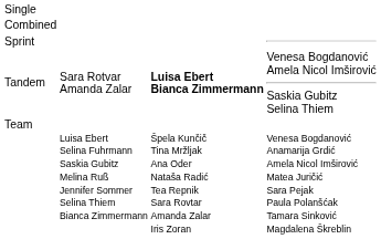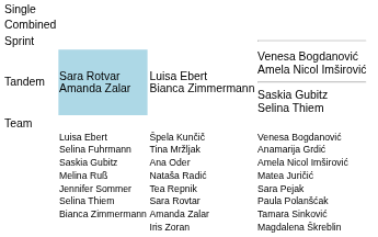 <table>
 <tr>
 <td>Single<br></td>
 <td></td>
 <td></td>
 <td></td>
 </tr>
 <tr>
 <td>Combined<br></td>
 <td></td>
 <td></td>
 <td></td>
 </tr>
 <tr>
 <td>Sprint<br></td>
 <td></td>
 <td></td>
 <td><hr></td>
 </tr>
 <tr>
 <td>Tandem<br></td>
-<td>Sara Rotvar<br>Amanda Zalar<br></td>
-<td><strong>Luisa Ebert<br>Bianca Zimmermann<br></strong></td>
+<td style="background: lightblue;">Sara Rotvar<br>Amanda Zalar<br></td>
+<td>Luisa Ebert<br>Bianca Zimmermann<br></td>
 <td>Venesa Bogdanović<br>Amela Nicol Imširović<br><hr>Saskia Gubitz<br>Selina Thiem<br></td>
 </tr>
 <tr valign="top">
 <td>Team<br></td>
 <td><br><small>Luisa Ebert<br>Selina Fuhrmann<br>Saskia Gubitz<br>Melina Ruß<br>Jennifer Sommer<br>Selina Thiem<br>Bianca Zimmermann</small></td>
 <td><br><small>Špela Kunčič<br>Tina Mržljak<br>Ana Oder<br>Nataša Radić<br>Tea Repnik<br>Sara Rovtar<br>Amanda Zalar<br>Iris Zoran</small></td>
 <td><br><small>Venesa Bogdanović<br>Anamarija Grdić<br>Amela Nicol Imširović<br>Matea Juričić<br>Sara Pejak<br>Paula Polanšćak<br>Tamara Sinković<br>Magdalena Škreblin</small></td>
 </tr>
 </table>
